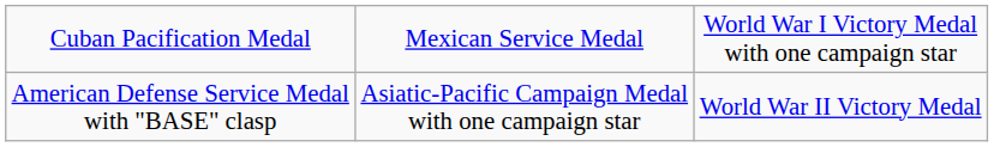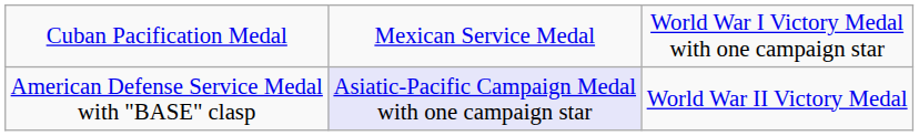 <table class="wikitable" style="margin:1em auto; text-align:center;">
 <tr>
 <td><a href='#'>Cuban Pacification Medal</a></td>
 <td><a href='#'>Mexican Service Medal</a></td>
 <td><a href='#'>World War I Victory Medal</a> <br>with one campaign star</td>
 </tr>
 <tr>
 <td><a href='#'>American Defense Service Medal</a><br>with "BASE" clasp</td>
-<td><a href='#'>Asiatic-Pacific Campaign Medal</a> <br>with one campaign star</td>
+<td style="background: lavender;"><a href='#'>Asiatic-Pacific Campaign Medal</a> <br>with one campaign star</td>
 <td><a href='#'>World War II Victory Medal</a></td>
 </tr>
 </table>
